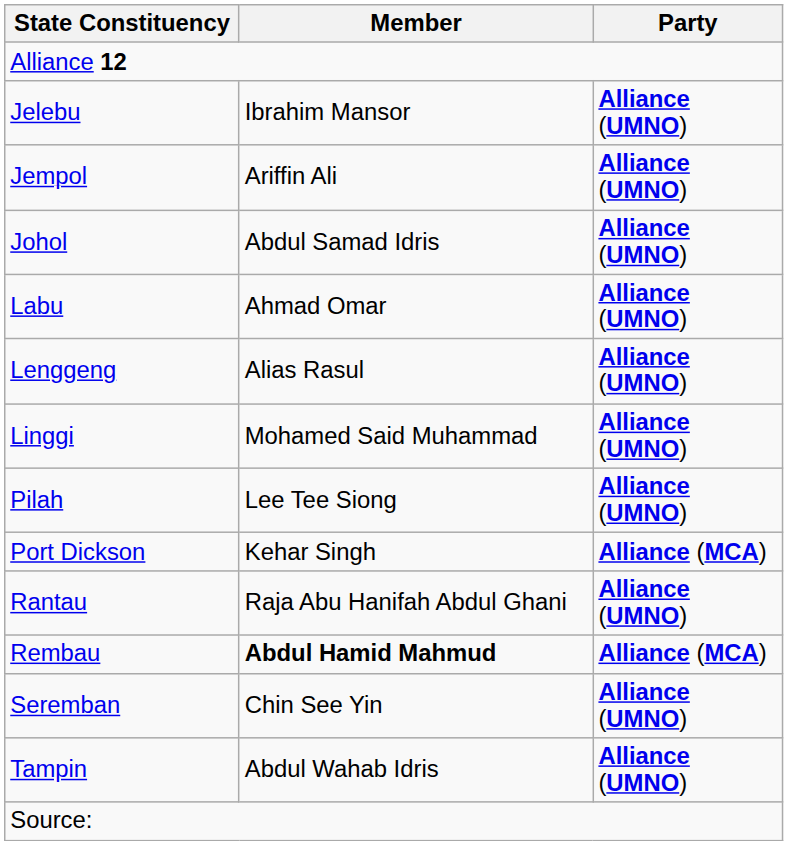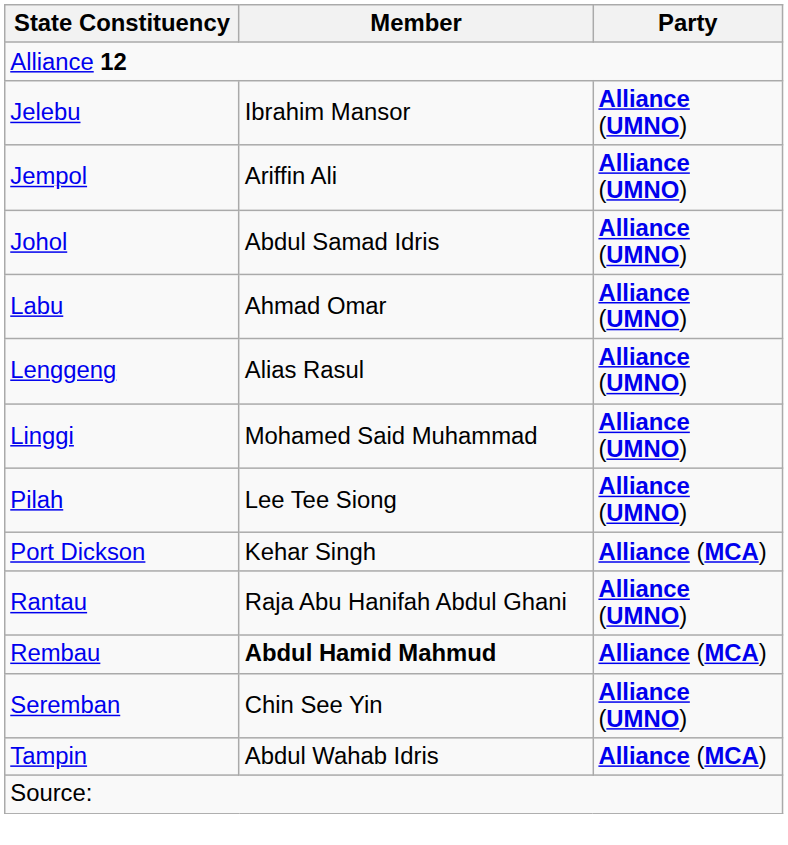 <table class="wikitable sortable">
 <tr>
 <th style="width:150px;">State Constituency</th>
 <th style="width:230px;">Member</th>
 <th style="width:120px;">Party</th>
 </tr>
 <tr>
 <td colspan="3"><a href='#'>Alliance</a> <strong>12</strong></td>
 </tr>
 <tr>
 <td><a href='#'>Jelebu</a></td>
 <td>Ibrahim Mansor</td>
 <td><strong><a href='#'>Alliance</a></strong> (<strong><a href='#'>UMNO</a></strong>)</td>
 </tr>
 <tr>
 <td><a href='#'>Jempol</a></td>
 <td>Ariffin Ali</td>
 <td><strong><a href='#'>Alliance</a></strong> (<strong><a href='#'>UMNO</a></strong>)</td>
 </tr>
 <tr>
 <td><a href='#'>Johol</a></td>
 <td>Abdul Samad Idris</td>
 <td><strong><a href='#'>Alliance</a></strong> (<strong><a href='#'>UMNO</a></strong>)</td>
 </tr>
 <tr>
 <td><a href='#'>Labu</a></td>
 <td>Ahmad Omar</td>
 <td><strong><a href='#'>Alliance</a></strong> (<strong><a href='#'>UMNO</a></strong>)</td>
 </tr>
 <tr>
 <td><a href='#'>Lenggeng</a></td>
 <td>Alias Rasul</td>
 <td><strong><a href='#'>Alliance</a></strong> (<strong><a href='#'>UMNO</a></strong>)</td>
 </tr>
 <tr>
 <td><a href='#'>Linggi</a></td>
 <td>Mohamed Said Muhammad</td>
 <td><strong><a href='#'>Alliance</a></strong> (<strong><a href='#'>UMNO</a></strong>)</td>
 </tr>
 <tr>
 <td><a href='#'>Pilah</a></td>
 <td>Lee Tee Siong</td>
 <td><strong><a href='#'>Alliance</a></strong> (<strong><a href='#'>UMNO</a></strong>)</td>
 </tr>
 <tr>
 <td><a href='#'>Port Dickson</a></td>
 <td>Kehar Singh</td>
 <td><strong><a href='#'>Alliance</a></strong> (<strong><a href='#'>MCA</a></strong>)</td>
 </tr>
 <tr>
 <td><a href='#'>Rantau</a></td>
 <td>Raja Abu Hanifah Abdul Ghani</td>
 <td><strong><a href='#'>Alliance</a></strong> (<strong><a href='#'>UMNO</a></strong>)</td>
 </tr>
 <tr>
 <td><a href='#'>Rembau</a></td>
 <td><strong>Abdul Hamid Mahmud</strong></td>
 <td><strong><a href='#'>Alliance</a></strong> (<strong><a href='#'>MCA</a></strong>)</td>
 </tr>
 <tr>
 <td><a href='#'>Seremban</a></td>
 <td>Chin See Yin</td>
 <td><strong><a href='#'>Alliance</a></strong> (<strong><a href='#'>UMNO</a></strong>)</td>
 </tr>
 <tr>
 <td><a href='#'>Tampin</a></td>
 <td>Abdul Wahab Idris</td>
-<td><strong><a href='#'>Alliance</a></strong> (<strong><a href='#'>UMNO</a></strong>)</td>
+<td><strong><a href='#'>Alliance</a></strong> (<strong><a href='#'>MCA</a></strong>)</td>
 </tr>
 <tr>
 <td colspan="3">Source:</td>
 </tr>
 </table>
